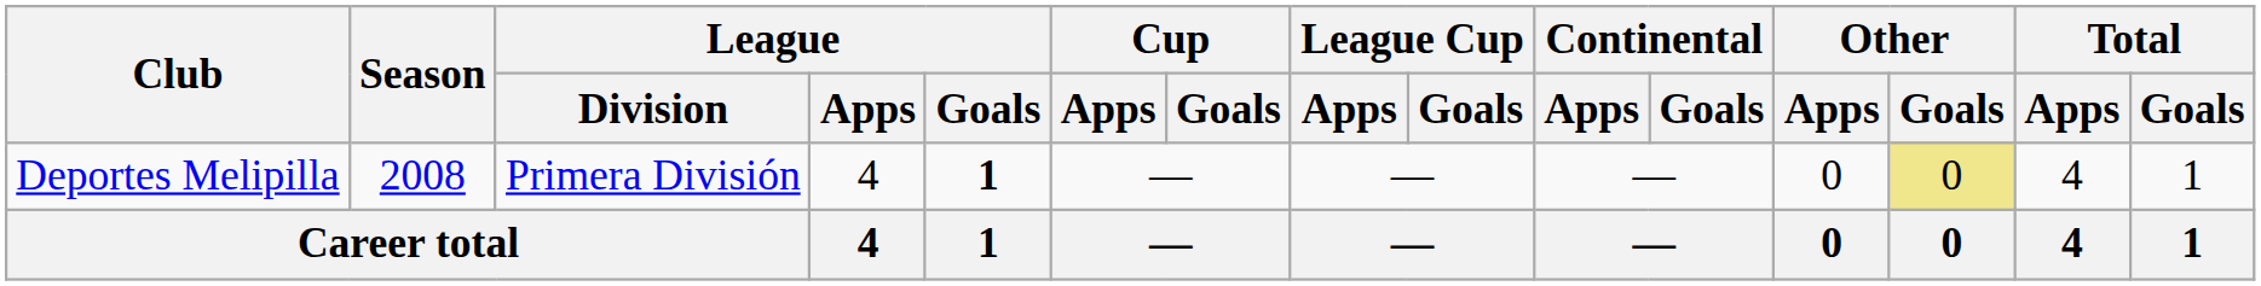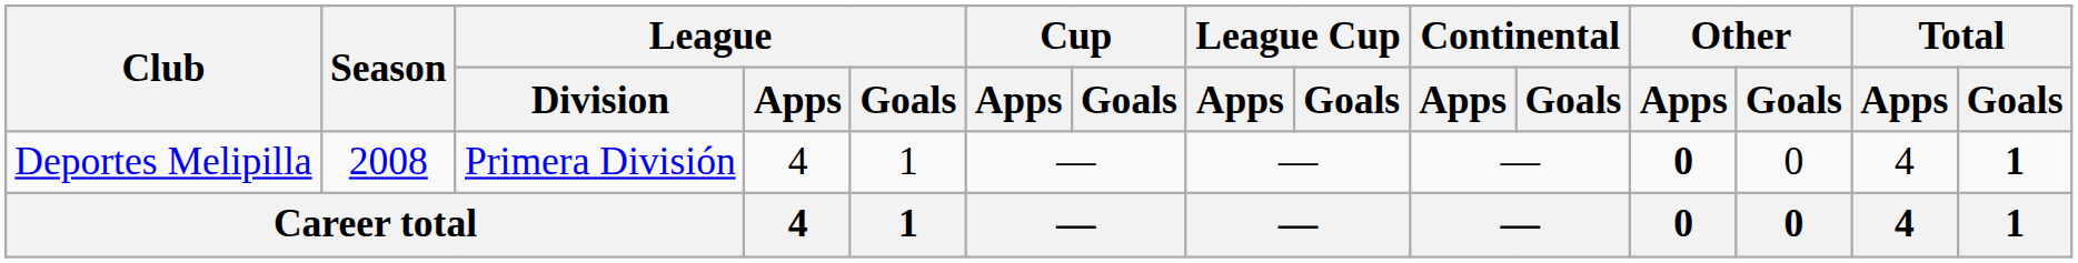 <table class="wikitable" style="text-align:center">
 <tr>
 <th rowspan="2">Club</th>
 <th rowspan="2">Season</th>
 <th colspan="3">League</th>
 <th colspan="2">Cup</th>
 <th colspan="2">League Cup</th>
 <th colspan="2">Continental</th>
 <th colspan="2">Other</th>
 <th colspan="2">Total</th>
 </tr>
 <tr>
 <th>Division</th>
 <th>Apps</th>
 <th>Goals</th>
 <th>Apps</th>
 <th>Goals</th>
 <th>Apps</th>
 <th>Goals</th>
 <th>Apps</th>
 <th>Goals</th>
 <th>Apps</th>
 <th>Goals</th>
 <th>Apps</th>
 <th>Goals</th>
 </tr>
 <tr>
 <td rowspan="1"><a href='#'>Deportes Melipilla</a></td>
 <td><a href='#'>2008</a></td>
 <td rowspan="1"><a href='#'>Primera División</a></td>
 <td>4</td>
-<td><strong>1</strong></td>
+<td>1</td>
 <td colspan="2">—</td>
 <td colspan="2">—</td>
 <td colspan="2">—</td>
+<td><strong>0</strong></td>
 <td>0</td>
-<td style="background: khaki;">0</td>
 <td>4</td>
-<td>1</td>
+<td><strong>1</strong></td>
 </tr>
 <tr>
 <th colspan="3">Career total</th>
 <th>4</th>
 <th>1</th>
 <th colspan="2">—</th>
 <th colspan="2">—</th>
 <th colspan="2">—</th>
 <th>0</th>
 <th>0</th>
 <th>4</th>
 <th>1</th>
 </tr>
 </table>
